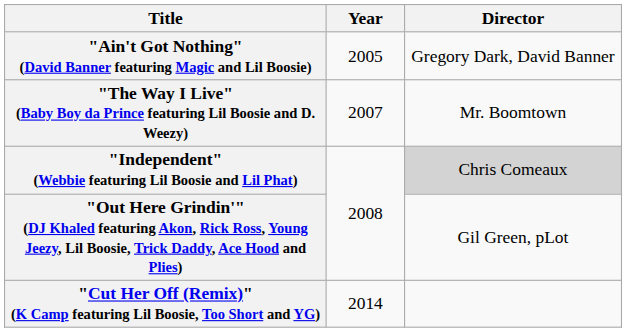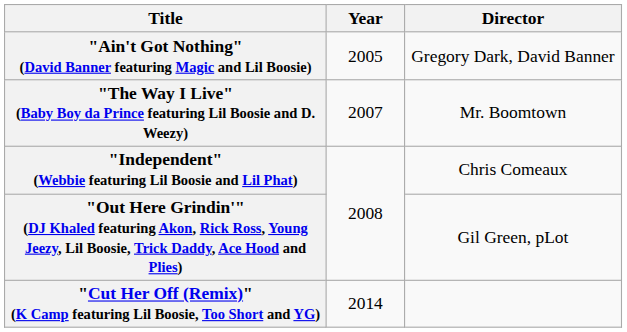 <table class="wikitable plainrowheaders" style="text-align:center;">
 <tr>
 <th style="width:18em;">Title</th>
 <th style="width:4em;">Year</th>
 <th style="width:12em;">Director</th>
 </tr>
 <tr>
 <th scope="row">"Ain't Got Nothing"<br><small>(<a href='#'>David Banner</a> featuring <a href='#'>Magic</a> and Lil Boosie)</small></th>
 <td>2005</td>
 <td>Gregory Dark, David Banner</td>
 </tr>
 <tr>
 <th scope="row">"The Way I Live"<br><small>(<a href='#'>Baby Boy da Prince</a> featuring Lil Boosie and D. Weezy)</small></th>
 <td>2007</td>
 <td>Mr. Boomtown</td>
 </tr>
 <tr>
 <th scope="row">"Independent"<br><small>(<a href='#'>Webbie</a> featuring Lil Boosie and <a href='#'>Lil Phat</a>)</small></th>
 <td rowspan="2">2008</td>
-<td style="background: lightgrey;">Chris Comeaux</td>
+<td>Chris Comeaux</td>
 </tr>
 <tr>
 <th scope="row">"Out Here Grindin'"<br><small>(<a href='#'>DJ Khaled</a> featuring <a href='#'>Akon</a>, <a href='#'>Rick Ross</a>, <a href='#'>Young Jeezy</a>, Lil Boosie, <a href='#'>Trick Daddy</a>, <a href='#'>Ace Hood</a> and <a href='#'>Plies</a>)</small></th>
 <td>Gil Green, pLot</td>
 </tr>
 <tr>
 <th scope="row">"<a href='#'>Cut Her Off (Remix)</a>"<br><small>(<a href='#'>K Camp</a> featuring Lil Boosie, <a href='#'>Too Short</a> and <a href='#'>YG</a>)</small></th>
 <td>2014</td>
 <td></td>
 </tr>
 </table>
